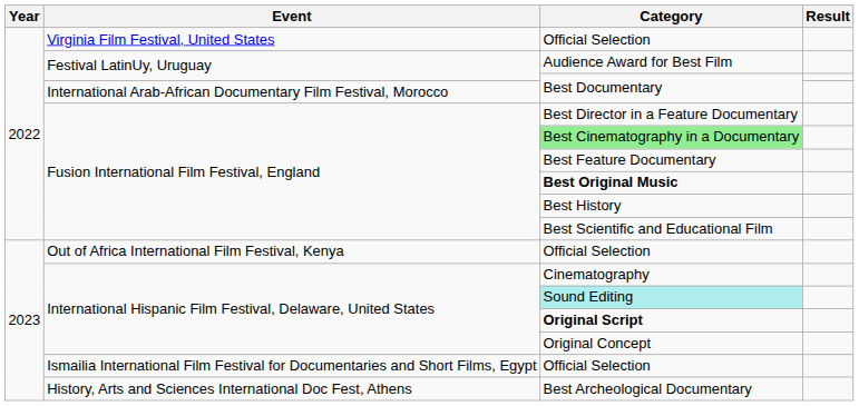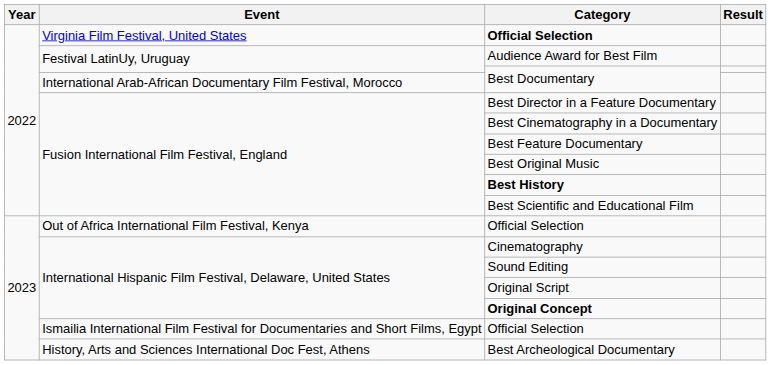 <table class="wikitable">
 <tr>
 <th>Year</th>
 <th>Event</th>
 <th>Category</th>
 <th>Result</th>
 </tr>
 <tr>
 <td rowspan="10">2022</td>
 <td><a href='#'>Virginia Film Festival, United States</a></td>
-<td>Official Selection</td>
+<td><strong>Official Selection</strong></td>
 <td></td>
 </tr>
 <tr>
 <td rowspan="2">Festival LatinUy, Uruguay</td>
 <td>Audience Award for Best Film</td>
 <td></td>
 </tr>
 <tr>
 <td rowspan="2">Best Documentary</td>
 <td></td>
 </tr>
 <tr>
 <td>International Arab-African Documentary Film Festival, Morocco</td>
 <td></td>
 </tr>
 <tr>
 <td rowspan="6">Fusion International Film Festival, England</td>
 <td>Best Director in a Feature Documentary</td>
 <td></td>
 </tr>
 <tr>
-<td style="background: lightgreen;">Best Cinematography in a Documentary</td>
+<td>Best Cinematography in a Documentary</td>
 <td></td>
 </tr>
 <tr>
 <td>Best Feature Documentary</td>
 <td></td>
 </tr>
 <tr>
-<td><strong>Best Original Music</strong></td>
+<td>Best Original Music</td>
 <td></td>
 </tr>
 <tr>
-<td>Best History</td>
+<td><strong>Best History</strong></td>
 <td></td>
 </tr>
 <tr>
 <td>Best Scientific and Educational Film</td>
 <td></td>
 </tr>
 <tr>
 <td rowspan="7">2023</td>
 <td>Out of Africa International Film Festival, Kenya</td>
 <td>Official Selection</td>
 <td></td>
 </tr>
 <tr>
 <td rowspan="4">International Hispanic Film Festival, Delaware, United States</td>
 <td>Cinematography</td>
 <td></td>
 </tr>
 <tr>
-<td style="background: paleturquoise;">Sound Editing</td>
+<td>Sound Editing</td>
 <td></td>
 </tr>
 <tr>
-<td><strong>Original Script</strong></td>
+<td>Original Script</td>
 <td></td>
 </tr>
 <tr>
-<td>Original Concept</td>
+<td><strong>Original Concept</strong></td>
 <td></td>
 </tr>
 <tr>
 <td>Ismailia International Film Festival for Documentaries and Short Films, Egypt</td>
 <td>Official Selection</td>
 <td></td>
 </tr>
 <tr>
 <td>History, Arts and Sciences International Doc Fest, Athens</td>
 <td>Best Archeological Documentary</td>
 <td></td>
 </tr>
 </table>
